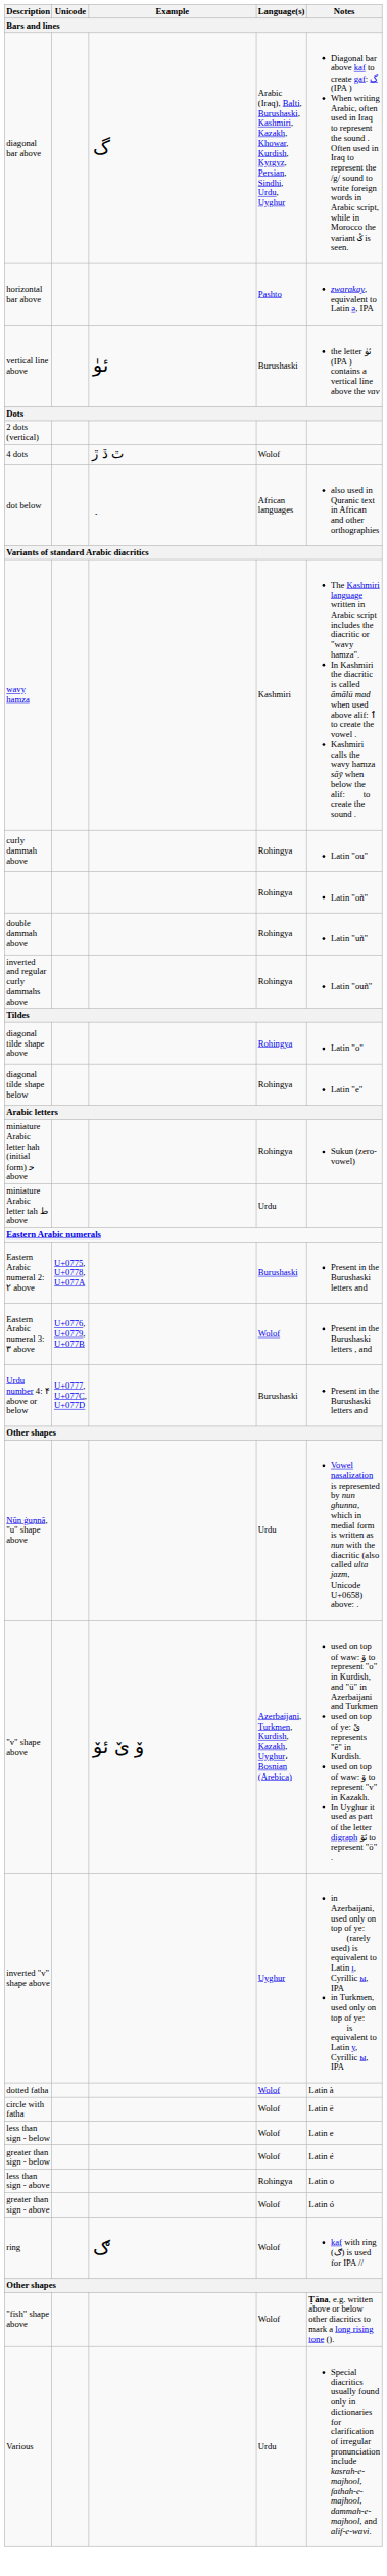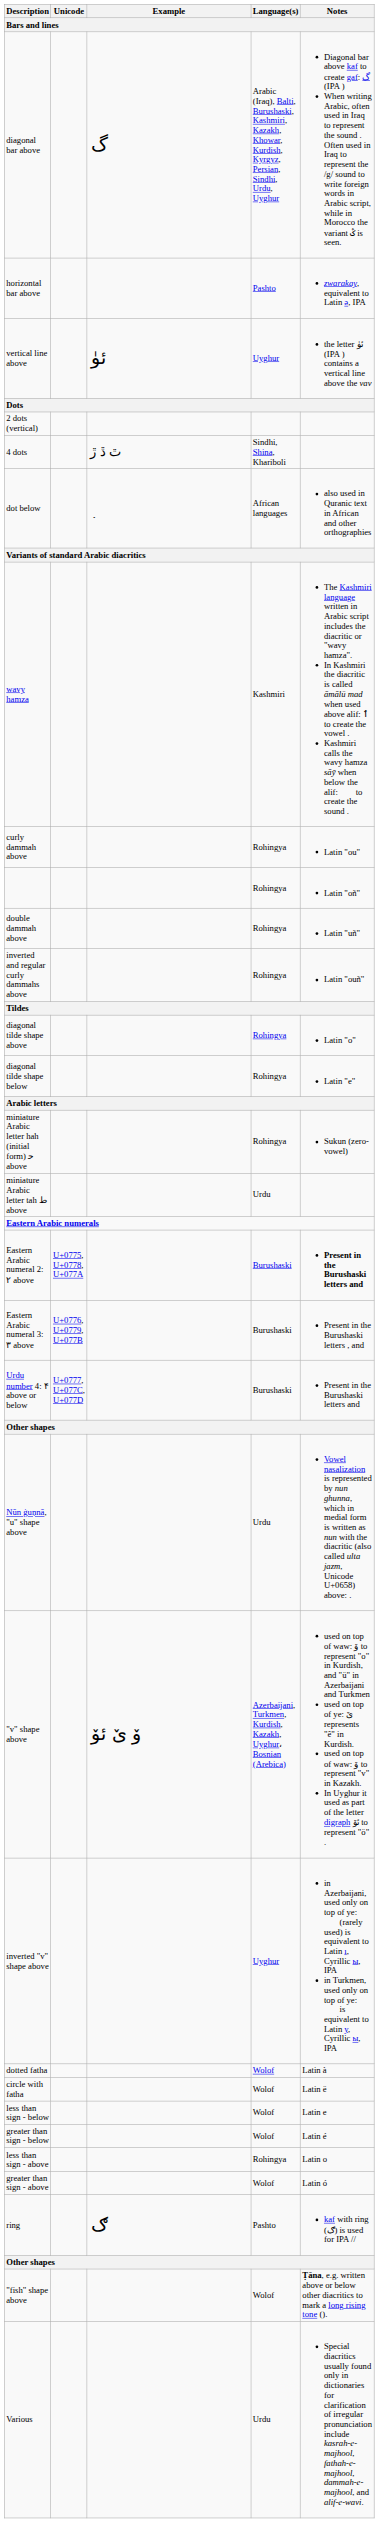 <table class=wikitable>
 <tr>
 <th>Description</th>
 <th>Unicode</th>
 <th>Example</th>
 <th>Language(s)</th>
 <th>Notes</th>
 </tr>
 <tr>
 <th colspan=5  style="text-align:left;"><strong>Bars and lines</strong></th>
 </tr>
 <tr>
 <td>diagonal bar above</td>
 <td></td>
 <td style="font-size:36px;line-height:1.05;">گ</td>
 <td>Arabic (Iraq), <a href='#'>Balti</a>, <a href='#'>Burushaski</a>,<br><a href='#'>Kashmiri</a>, <a href='#'>Kazakh</a>,<br><a href='#'>Khowar</a>, <a href='#'>Kurdish</a>,<br><a href='#'>Kyrgyz</a>, <a href='#'>Persian</a>,<br><a href='#'>Sindhi</a>, <a href='#'>Urdu</a>,<br><a href='#'>Uyghur</a></td>
 <td><br><ul><li>Diagonal bar above <a href='#'>kaf</a> to create <a href='#'>gaf</a>: <a href='#'>گ</a> (IPA )</li><li>When writing Arabic, often used in Iraq to represent the sound . Often used in Iraq to represent the /g/ sound to write foreign words in Arabic script, while in Morocco the variant ݣ is seen.</li></ul></td>
 </tr>
 <tr>
 <td>horizontal bar above</td>
 <td></td>
 <td style="align:center"></td>
 <td><a href='#'>Pashto</a></td>
 <td><br><ul><li><em><a href='#'>zwarakay</a></em>, equivalent to Latin <a href='#'>ə</a>, IPA </li></ul></td>
 </tr>
 <tr>
 <td>vertical line above</td>
 <td></td>
 <td style="font-size:36px;line-height:1.05;">ئۈ</td>
-<td>Burushaski</td>
+<td><a href='#'>Uyghur</a></td>
 <td><br><ul><li>the letter ئۈ (IPA ) contains a vertical line above the <em>vav</em></li></ul></td>
 </tr>
 <tr>
 <th colspan=5  style="text-align:left;"><strong>Dots</strong></th>
 </tr>
 <tr>
 <td>2 dots (vertical)</td>
 <td></td>
 <td style="font-size:36px;line-height:1.05;"> </td>
 <td></td>
 <td></td>
 </tr>
 <tr>
 <td>4 dots</td>
 <td></td>
 <td style="font-size:24px;line-height:1.05;"> ٿ ڐ ڙ</td>
-<td>Wolof</td>
+<td>Sindhi, <a href='#'>Shina</a>, Khariboli</td>
 <td></td>
 </tr>
 <tr>
 <td>dot below</td>
 <td></td>
 <td style="font-size:36px;line-height:1.4;">ٜ   بٜ</td>
 <td>African languages</td>
 <td><br><ul><li>also used in Quranic text in African and other orthographies</li></ul></td>
 </tr>
 <tr>
 <th colspan=5 style="text-align:left;"><strong>Variants of standard Arabic diacritics</strong></th>
 </tr>
 <tr>
 <td><a href='#'>wavy hamza</a></td>
 <td></td>
 <td style="font-size:36px;line-height:1.4;">ٲ اٟ</td>
 <td>Kashmiri</td>
 <td><br><ul><li>The <a href='#'>Kashmiri language</a> written in Arabic script includes the diacritic or "wavy hamza".</li><li>In Kashmiri the diacritic is called <em>āmālü mad</em> when used above alif: ٲ to create the vowel .</li><li>Kashmiri calls the wavy hamza <em>sāȳ</em> when below the alif: اٟ to create the sound .</li></ul></td>
 </tr>
 <tr>
 <td>curly dammah above</td>
 <td></td>
 <td style="font-size:36px;line-height:1.05;"></td>
 <td>Rohingya</td>
 <td><br><ul><li>Latin "ou"</li></ul></td>
 </tr>
 <tr>
 <td></td>
 <td></td>
 <td></td>
 <td>Rohingya</td>
 <td><br><ul><li>Latin "oñ"</li></ul></td>
 </tr>
 <tr>
 <td>double dammah above</td>
 <td></td>
 <td style="font-size:36px;line-height:1.05;"></td>
 <td>Rohingya</td>
 <td><br><ul><li>Latin "uñ"</li></ul></td>
 </tr>
 <tr>
 <td>inverted and regular curly dammahs above</td>
 <td></td>
 <td style="font-size:36px;line-height:1.05;"></td>
 <td>Rohingya</td>
 <td><br><ul><li>Latin "ouñ"</li></ul></td>
 </tr>
 <tr>
 <th colspan=5 style="text-align:left;"><strong>Tildes</strong></th>
 </tr>
 <tr>
 <td>diagonal tilde shape above</td>
 <td></td>
 <td style="font-size:36px;line-height:1.05;"></td>
 <td><a href='#'>Rohingya</a></td>
 <td><br><ul><li>Latin "o"</li></ul></td>
 </tr>
 <tr>
 <td>diagonal tilde shape below</td>
 <td></td>
 <td style="font-size:36px;line-height:1.05;"></td>
 <td>Rohingya</td>
 <td><br><ul><li>Latin "e"</li></ul></td>
 </tr>
 <tr>
 <th colspan=5 style="text-align:left;"><strong>Arabic letters</strong></th>
 </tr>
 <tr>
 <td>miniature Arabic letter hah (initial form) ﺣ above</td>
 <td></td>
 <td style="font-size:36px;line-height:1.05;"></td>
 <td>Rohingya</td>
 <td><br><ul><li>Sukun (zero-vowel)</li></ul></td>
 </tr>
 <tr>
 <td>miniature Arabic letter tah ط above</td>
 <td></td>
 <td style="font-size:36px;line-height:1.05;"></td>
 <td>Urdu</td>
 <td></td>
 </tr>
 <tr>
 <td colspan=5 style="text-align:left;"><strong><a href='#'>Eastern Arabic numerals</a></strong></td>
 </tr>
 <tr>
 <td>Eastern Arabic numeral 2: ٢ above</td>
 <td><a href='#'>U+0775</a>, <a href='#'>U+0778</a>, <a href='#'>U+077A</a></td>
 <td style="font-size:36px;line-height:1.05;">  </td>
 <td><a href='#'>Burushaski</a></td>
-<td><br><ul><li>Present in the Burushaski letters  and </li></ul></td>
+<td><strong><br><ul><li>Present in the Burushaski letters  and </li></ul></strong></td>
 </tr>
 <tr>
 <td>Eastern Arabic numeral 3: ٣ above</td>
 <td><a href='#'>U+0776</a>, <a href='#'>U+0779</a>, <a href='#'>U+077B</a></td>
 <td style="font-size:36px;line-height:1.05;">  </td>
-<td><a href='#'>Wolof</a></td>
+<td>Burushaski</td>
 <td><br><ul><li>Present in the Burushaski letters ,  and </li></ul></td>
 </tr>
 <tr>
 <td><a href='#'>Urdu number</a> 4: ۴ above or below</td>
 <td><a href='#'>U+0777</a>, <a href='#'>U+077C</a>, <a href='#'>U+077D</a></td>
 <td style="font-size:36px;line-height:1.05;">  </td>
 <td>Burushaski</td>
 <td><br><ul><li>Present in the Burushaski letters  and </li></ul></td>
 </tr>
 <tr>
 <th colspan=5 style="text-align:left;"><strong>Other shapes</strong></th>
 </tr>
 <tr>
 <td><a href='#'>Nūn ġuṇnā</a>, "u" shape above</td>
 <td></td>
 <td style="font-size:36px;line-height:1.05;">ن٘</td>
 <td>Urdu</td>
 <td><br><ul><li><a href='#'>Vowel nasalization</a> is represented by <em>nun ghunna</em>, which in medial form is written as <em>nun</em> with the diacritic  (also called <em>ulta jazm</em>, Unicode U+0658) above: .</li></ul></td>
 </tr>
 <tr>
 <td>"v" shape above</td>
 <td></td>
 <td style="font-size:36px;line-height:1.05;">ۆ ێ ئۆ</td>
 <td><a href='#'>Azerbaijani</a>, <a href='#'>Turkmen</a>, <a href='#'>Kurdish</a>, <a href='#'>Kazakh</a>, <a href='#'>Uyghur</a>، <a href='#'>Bosnian (Arebica)</a></td>
 <td><br><ul><li>used on top of waw: ۆ to represent "o"  in Kurdish, and "ü"  in Azerbaijani and Turkmen</li><li>used on top of ye: ێ represents "ê"  in Kurdish.</li><li>used on top of waw: ۆ to represent "v"  in Kazakh.</li><li>In Uyghur it used as part of the letter <a href='#'>digraph</a> ئۆ to represent "ö" .</li></ul></td>
 </tr>
 <tr>
 <td>inverted "v" shape above</td>
 <td></td>
 <td style="font-size:36px;line-height:1.05;">یٛ</td>
 <td><a href='#'>Uyghur</a></td>
 <td><br><ul><li>in Azerbaijani, used only on top of ye: یٛ (rarely used) is equivalent to Latin <a href='#'>ı</a>, Cyrillic <a href='#'>ы</a>, IPA </li><li>in Turkmen, used only on top of ye: یٛ is equivalent to Latin <a href='#'>y</a>, Cyrillic <a href='#'>ы</a>, IPA </li></ul></td>
 </tr>
 <tr>
 <td>dotted fatha</td>
 <td></td>
 <td><span></span></td>
 <td><a href='#'>Wolof</a></td>
 <td>Latin à</td>
 </tr>
 <tr>
 <td>circle with fatha</td>
 <td></td>
 <td><span></span></td>
 <td>Wolof</td>
 <td>Latin ë</td>
 </tr>
 <tr>
 <td>less than sign - below</td>
 <td></td>
 <td><span></span></td>
 <td>Wolof</td>
 <td>Latin e</td>
 </tr>
 <tr>
 <td>greater than sign - below</td>
 <td></td>
 <td><span></span></td>
 <td>Wolof</td>
 <td>Latin é</td>
 </tr>
 <tr>
 <td>less than sign - above</td>
 <td></td>
 <td><span></span></td>
 <td>Rohingya</td>
 <td>Latin o</td>
 </tr>
 <tr>
 <td>greater than sign - above</td>
 <td></td>
 <td><span></span></td>
 <td>Wolof</td>
 <td>Latin ó</td>
 </tr>
 <tr>
 <td>ring</td>
 <td></td>
 <td style="font-size:36px;line-height:1.15;">ګ</td>
-<td>Wolof</td>
+<td>Pashto</td>
 <td><br><ul><li><a href='#'>kaf</a> with ring (ګ) is used for IPA //</li></ul></td>
 </tr>
 <tr>
 <th colspan=5  style="text-align:left;"><strong>Other shapes</strong></th>
 </tr>
 <tr>
 <td>"fish" shape above</td>
 <td></td>
 <td style="font-size:36px;line-height:1.4;">دࣤ࣬  دࣥ࣬  دࣦ࣯</td>
 <td>Wolof</td>
 <td><strong>Ṭāna</strong>, e.g.  written above or below other diacritics to mark a <a href='#'>long rising tone</a> ().</td>
 </tr>
 <tr>
 <td>Various</td>
 <td></td>
 <td></td>
 <td>Urdu</td>
 <td><br><ul><li>Special diacritics usually found only in dictionaries for clarification of irregular pronunciation include  <em>kasrah-e-majhool</em>, <em>fathah-e-majhool</em>, <em>dammah-e-majhool</em>, and <em>alif-e-wavi</em>.</li></ul></td>
 </tr>
 </table>
